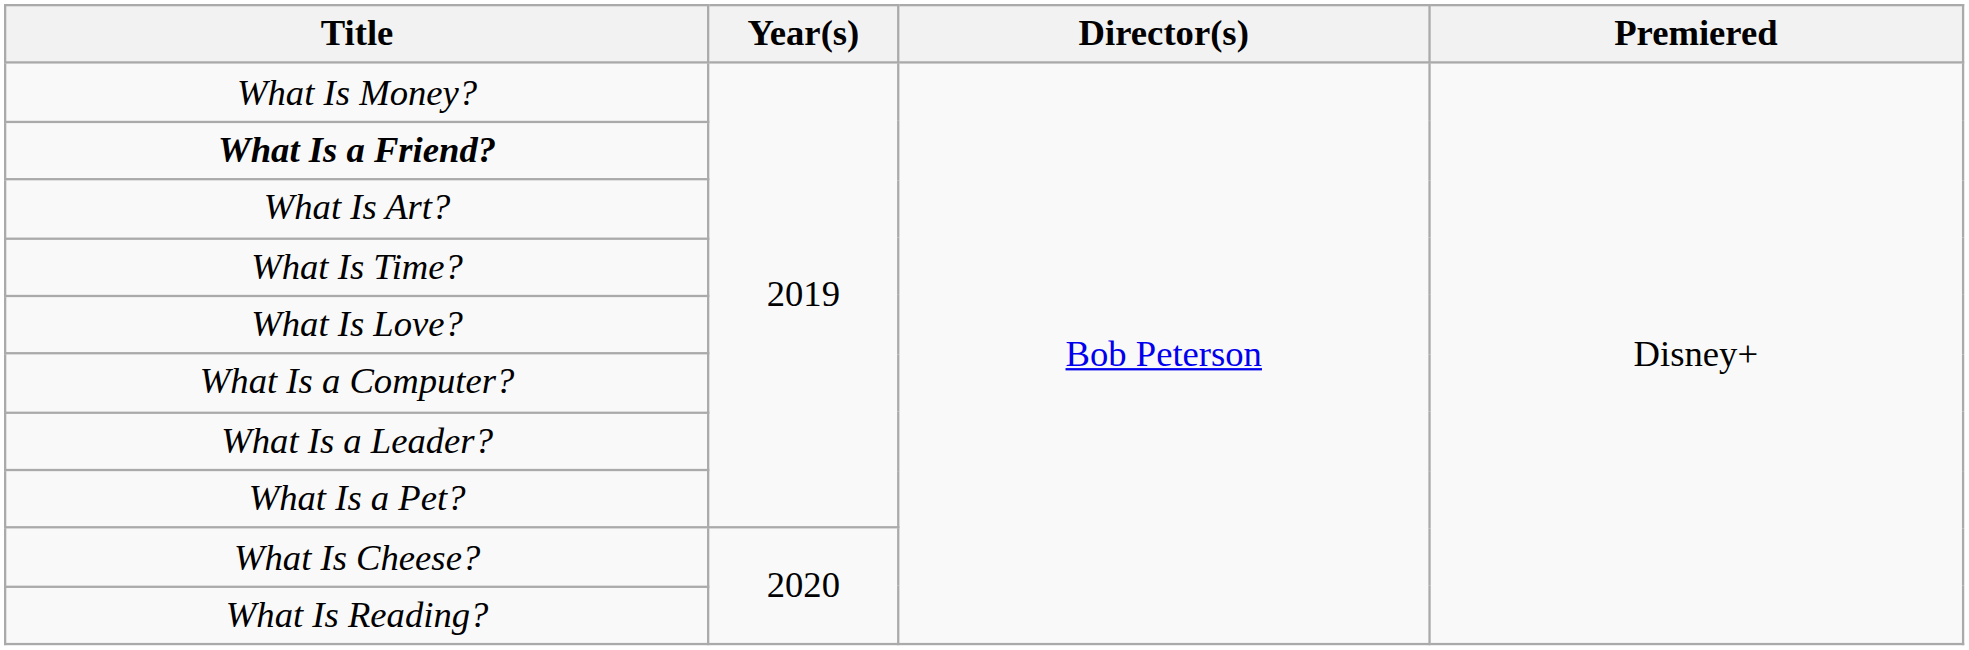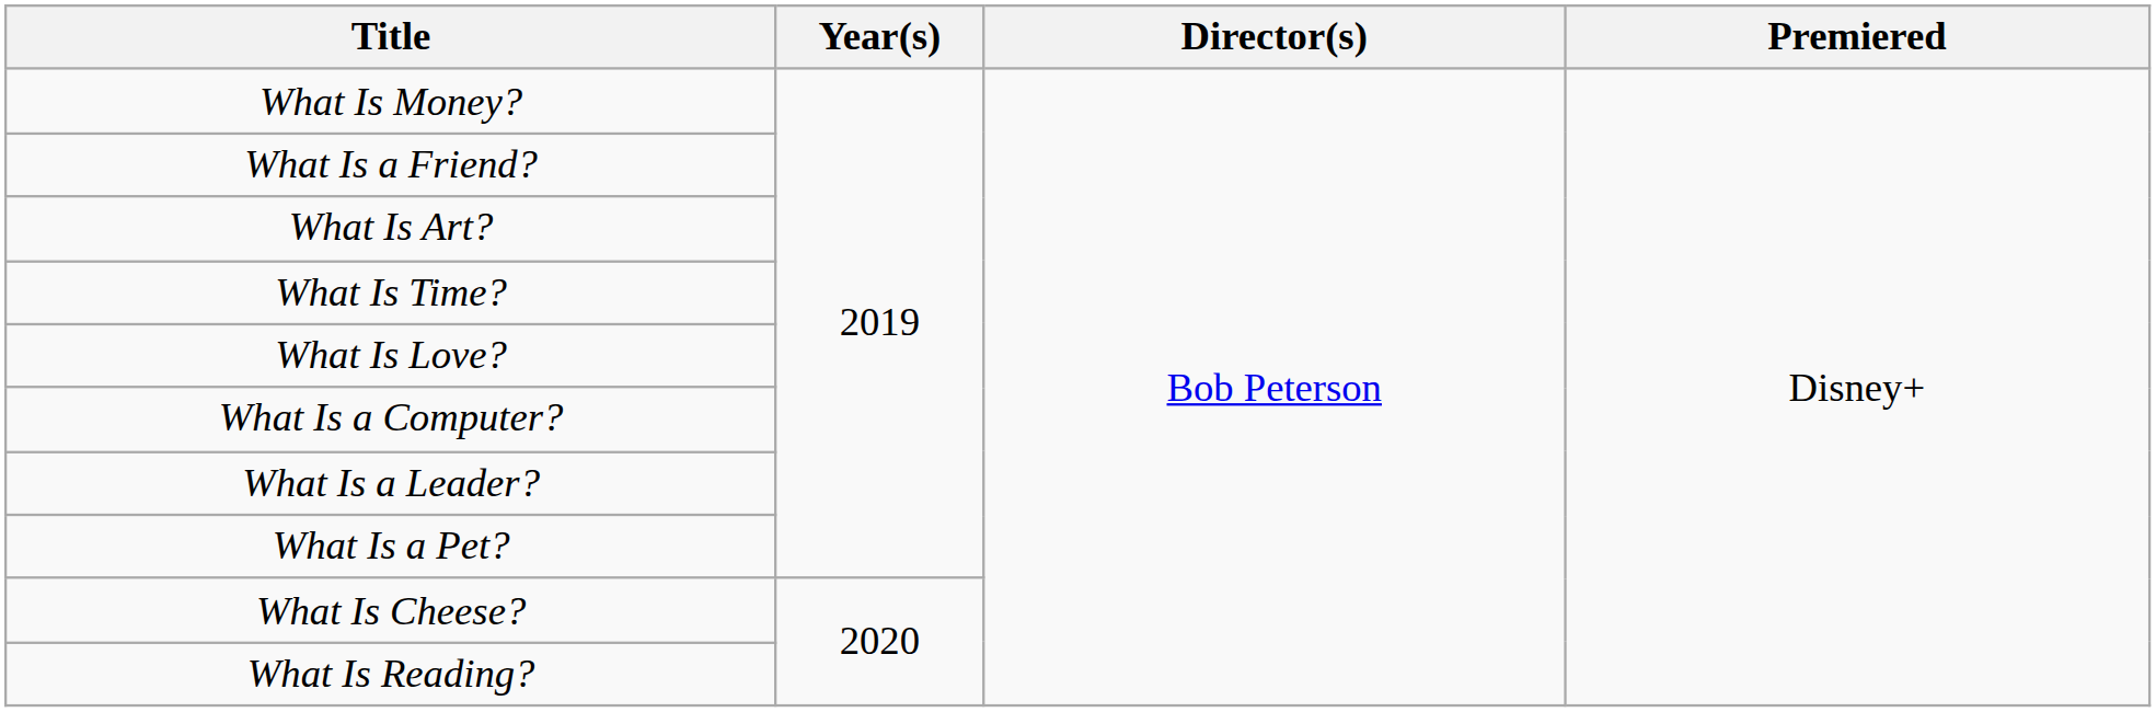 <table class="wikitable sortable" style="max-width: 1000px; text-align: center;">
 <tr>
 <th width="300" scope="col">Title</th>
 <th width="75" scope="col">Year(s)</th>
 <th width="225" scope="col">Director(s)</th>
 <th width="225" scope="col">Premiered</th>
 </tr>
 <tr>
 <td><em>What Is Money?</em></td>
 <td rowspan="8">2019</td>
 <td rowspan="10"><a href='#'>Bob Peterson</a></td>
 <td rowspan="10">Disney+</td>
 </tr>
 <tr>
-<td><strong><em>What Is a Friend?</em></strong></td>
+<td><em>What Is a Friend?</em></td>
 </tr>
 <tr>
 <td><em>What Is Art?</em></td>
 </tr>
 <tr>
 <td><em>What Is Time?</em></td>
 </tr>
 <tr>
 <td><em>What Is Love?</em></td>
 </tr>
 <tr>
 <td><em>What Is a Computer?</em></td>
 </tr>
 <tr>
 <td><em>What Is a Leader?</em></td>
 </tr>
 <tr>
 <td><em>What Is a Pet?</em></td>
 </tr>
 <tr>
 <td><em>What Is Cheese?</em></td>
 <td rowspan="2">2020</td>
 </tr>
 <tr>
 <td><em>What Is Reading?</em></td>
 </tr>
 </table>
